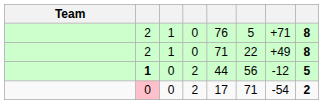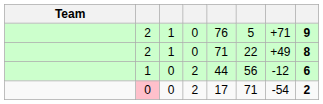 <table class="wikitable" style="text-align:center;">
 <tr>
 <th style="width:10.5em;">Team</th>
 <th style="width:1.5em;"></th>
 <th style="width:1.5em;"></th>
 <th style="width:1.5em;"></th>
 <th style="width:2.0em;"></th>
 <th style="width:2.0em;"></th>
 <th style="width:2.0em;"></th>
 <th style="width:1.5em;"></th>
 </tr>
 <tr bgcolor=#cfc>
 <td align="left"></td>
 <td>2</td>
 <td>1</td>
 <td>0</td>
 <td>76</td>
 <td>5</td>
 <td>+71</td>
-<td><strong>8</strong></td>
+<td><strong>9</strong></td>
 </tr>
 <tr bgcolor=#cfc>
 <td align="left"></td>
 <td>2</td>
 <td>1</td>
 <td>0</td>
 <td>71</td>
 <td>22</td>
 <td>+49</td>
 <td><strong>8</strong></td>
 </tr>
 <tr bgcolor="#cfc">
 <td align="left"></td>
-<td><strong>1</strong></td>
+<td>1</td>
 <td>0</td>
 <td>2</td>
 <td>44</td>
 <td>56</td>
 <td>-12</td>
-<td><strong>5</strong></td>
+<td><strong>6</strong></td>
 </tr>
 <tr>
 <td align="left"></td>
 <td style="background: pink;">0</td>
 <td>0</td>
 <td>2</td>
 <td>17</td>
 <td>71</td>
 <td>-54</td>
 <td><strong>2</strong></td>
 </tr>
 </table>
